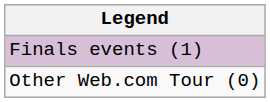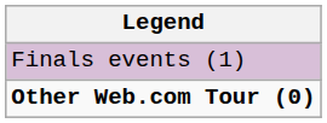 <table class="wikitable" style="font-size:95%;">
 <tr>
 <th>Legend</th>
 </tr>
 <tr style="background:#D8BFD8;">
 <td>Finals events (1)</td>
 </tr>
 <tr>
-<td>Other Web.com Tour (0)</td>
+<td><strong>Other Web.com Tour (0)</strong></td>
 </tr>
 </table>
